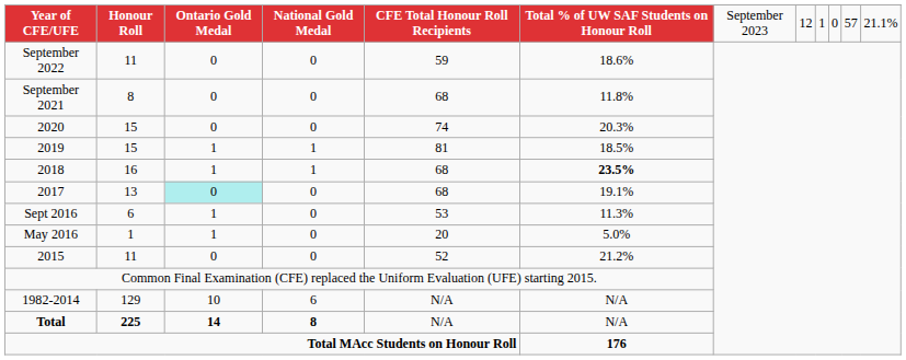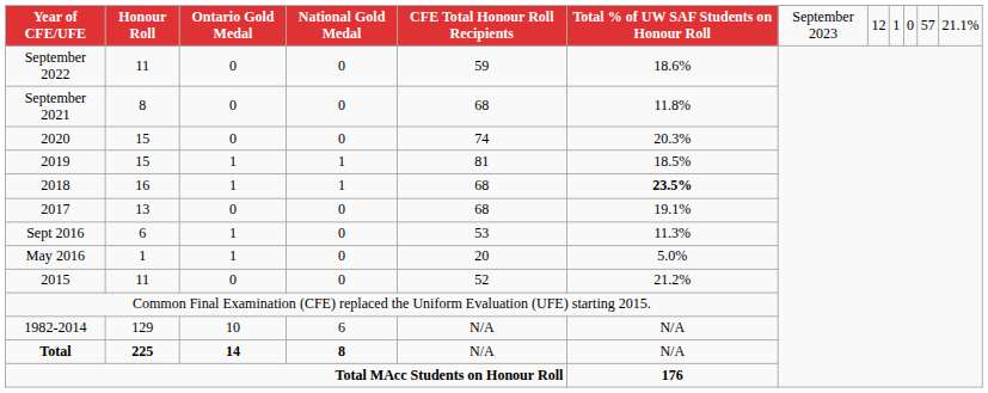 <table class="wikitable sortable" style="font-size: 80%" width=  align="center">
 <tr>
 <th rowspan=2 style="background:#df3235; color:white;">Year of CFE/UFE</th>
 <th rowspan=2 style="background:#df3235; color:white;">Honour Roll</th>
 <th rowspan=2 style="background:#df3235; color:white;">Ontario Gold Medal</th>
 <th rowspan=2 style="background:#df3235; color:white;">National Gold Medal</th>
 <th rowspan=2 style="background:#df3235; color:white;">CFE Total Honour Roll Recipients</th>
 <th rowspan=2 style="background:#df3235; color:white;">Total % of UW SAF Students on Honour Roll</th>
 </tr>
 <tr>
 <td align=center>September 2023</td>
 <td align=center>12</td>
 <td align=center>1</td>
 <td align=center>0</td>
 <td align=center>57</td>
 <td align=center>21.1%</td>
 </tr>
 <tr>
 <td align=center>September 2022</td>
 <td align=center>11</td>
 <td align=center>0</td>
 <td align=center>0</td>
 <td align=center>59</td>
 <td align=center>18.6%</td>
 </tr>
 <tr>
 <td align=center>September 2021</td>
 <td align=center>8</td>
 <td align=center>0</td>
 <td align=center>0</td>
 <td align=center>68</td>
 <td align=center>11.8%</td>
 </tr>
 <tr>
 <td align=center>2020</td>
 <td align=center>15</td>
 <td align=center>0</td>
 <td align=center>0</td>
 <td align=center>74</td>
 <td align=center>20.3%</td>
 </tr>
 <tr>
 <td align=center>2019</td>
 <td align=center>15</td>
 <td align=center>1</td>
 <td align=center>1</td>
 <td align=center>81</td>
 <td align=center>18.5%</td>
 </tr>
 <tr>
 <td align=center>2018</td>
 <td align=center>16</td>
 <td align=center>1</td>
 <td align=center>1</td>
 <td align=center>68</td>
 <td align=center><strong>23.5%</strong></td>
 </tr>
 <tr>
 <td align=center>2017</td>
 <td align=center>13</td>
-<td align=center style="background: paleturquoise;">0</td>
+<td align=center>0</td>
 <td align=center>0</td>
 <td align=center>68</td>
 <td align=center>19.1%</td>
 </tr>
 <tr>
 <td align=center>Sept 2016</td>
 <td align=center>6</td>
 <td align=center>1</td>
 <td align=center>0</td>
 <td align=center>53</td>
 <td align=center>11.3%</td>
 </tr>
 <tr>
 <td align=center>May 2016</td>
 <td align=center>1</td>
 <td align=center>1</td>
 <td align=center>0</td>
 <td align=center>20</td>
 <td align=center>5.0%</td>
 </tr>
 <tr>
 <td align=center>2015</td>
 <td align=center>11</td>
 <td align=center>0</td>
 <td align=center>0</td>
 <td align=center>52</td>
 <td align=center>21.2%</td>
 </tr>
 <tr>
 <td colspan="6" align="center">Common Final Examination (CFE) replaced the Uniform Evaluation (UFE) starting 2015.</td>
 </tr>
 <tr>
 <td align=center>1982-2014</td>
 <td align=center>129</td>
 <td align=center>10</td>
 <td align=center>6</td>
 <td align=center>N/A</td>
 <td align=center>N/A</td>
 </tr>
 <tr>
 <td align=center><strong>Total</strong></td>
 <td align=center><strong>225</strong></td>
 <td align=center><strong>14</strong></td>
 <td align=center><strong>8</strong></td>
 <td align=center>N/A</td>
 <td align=center>N/A</td>
 </tr>
 <tr>
 <td colspan="5" align="right"><strong>Total MAcc Students on Honour Roll</strong></td>
 <td align=center><strong>176</strong></td>
 </tr>
 </table>
